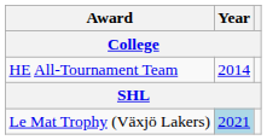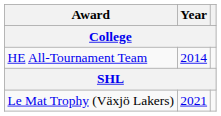 <table class="wikitable">
 <tr>
 <th>Award</th>
 <th>Year</th>
 <th></th>
 </tr>
 <tr>
 <th colspan="3"><a href='#'>College</a></th>
 </tr>
 <tr>
 <td><a href='#'>HE</a> <a href='#'>All-Tournament Team</a></td>
 <td><a href='#'>2014</a></td>
 <td></td>
 </tr>
 <tr ALIGN="center" bgcolor="#e0e0e0">
 <th colspan="3"><a href='#'>SHL</a></th>
 </tr>
 <tr>
 <td><a href='#'>Le Mat Trophy</a> (Växjö Lakers)</td>
-<td style="background: lightblue;"><a href='#'>2021</a></td>
+<td><a href='#'>2021</a></td>
 <td></td>
 </tr>
 </table>
